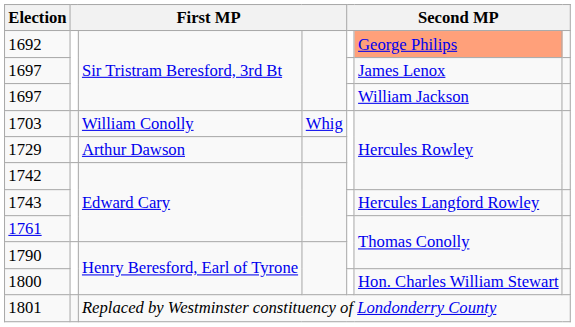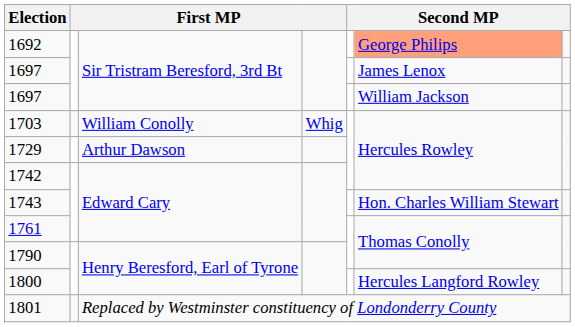 <table class="wikitable">
 <tr>
 <th>Election</th>
 <th colspan=3>First MP</th>
 <th colspan=3>Second MP</th>
 </tr>
 <tr>
 <td>1692</td>
 <td rowspan="3" style="background-color: white"></td>
 <td rowspan="3"><a href='#'>Sir Tristram Beresford, 3rd Bt</a></td>
 <td rowspan="3"></td>
 <td style="background-color: white"></td>
 <td style="background: lightsalmon;"><a href='#'>George Philips</a></td>
 <td></td>
 </tr>
 <tr>
 <td>1697</td>
 <td style="background-color: white"></td>
 <td><a href='#'>James Lenox</a></td>
 <td></td>
 </tr>
 <tr>
 <td>1697</td>
 <td style="background-color: white"></td>
 <td><a href='#'>William Jackson</a></td>
 <td></td>
 </tr>
 <tr>
 <td>1703</td>
 <td style="background-color: "></td>
 <td><a href='#'>William Conolly</a></td>
 <td><a href='#'>Whig</a></td>
 <td rowspan="3" style="background-color: white"></td>
 <td rowspan="3"><a href='#'>Hercules Rowley</a></td>
 <td rowspan="3"></td>
 </tr>
 <tr>
 <td>1729</td>
 <td style="background-color: white"></td>
 <td><a href='#'>Arthur Dawson</a></td>
 <td></td>
 </tr>
 <tr>
 <td>1742</td>
 <td rowspan="3" style="background-color: white"></td>
 <td rowspan="3"><a href='#'>Edward Cary</a></td>
 <td rowspan="3"></td>
 </tr>
 <tr>
 <td>1743</td>
 <td style="background-color: white"></td>
-<td><a href='#'>Hercules Langford Rowley</a></td>
+<td><a href='#'>Hon. Charles William Stewart</a></td>
 <td></td>
 </tr>
 <tr>
 <td><a href='#'>1761</a></td>
 <td rowspan="2" style="background-color: white"></td>
 <td rowspan="2"><a href='#'>Thomas Conolly</a></td>
 <td rowspan="2"></td>
 </tr>
 <tr>
 <td>1790</td>
 <td rowspan="2" style="background-color: white"></td>
 <td rowspan="2"><a href='#'>Henry Beresford, Earl of Tyrone</a></td>
 <td rowspan="2"></td>
 </tr>
 <tr>
 <td>1800</td>
 <td style="background-color: white"></td>
-<td><a href='#'>Hon. Charles William Stewart</a></td>
+<td><a href='#'>Hercules Langford Rowley</a></td>
 <td></td>
 </tr>
 <tr>
 <td>1801</td>
 <td></td>
 <td colspan="5"><em>Replaced by Westminster constituency of <a href='#'>Londonderry County</a></em></td>
 </tr>
 </table>
